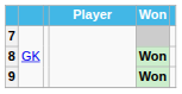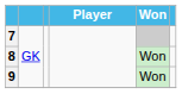 <table class="wikitable sortable" style="text-align:center;">
 <tr>
 <th style="background:#42b7e6; color:#fff;" scope="col"></th>
 <th style="background:#42b7e6; color:#fff;" scope="col"></th>
 <th style="background:#42b7e6; color:#fff;" scope="col"></th>
 <th style="background:#42b7e6; color:#fff; width:100px;" scope="col">Player</th>
 <th style="background:#42b7e6; color:#fff;" scope="col">Won</th>
 <th style="background:#42b7e6; color:#fff;" scope="col"></th>
 </tr>
 <tr>
 <th scope="row">7</th>
 <td rowspan=3><a href='#'>GK</a></td>
 <td rowspan=3></td>
 <td rowspan=3 style="text-align:left;"></td>
 <td style="background:#ccc;"></td>
 <td></td>
 </tr>
 <tr>
 <th scope="row">8</th>
-<td style="background:#cec;"><strong>Won</strong></td>
+<td style="background:#cec;">Won</td>
 <td></td>
 </tr>
 <tr>
 <th scope="row">9</th>
-<td style="background:#cec;"><strong>Won</strong></td>
+<td style="background:#cec;">Won</td>
 <td></td>
 </tr>
 <tr>
 </tr>
 </table>
